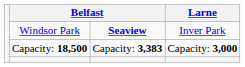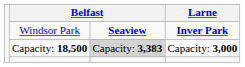 <table class="wikitable" style="margin:1em auto; text-align:center;">
 <tr>
 <td rowspan="4" text-align="center"></td>
 <th colspan=2><a href='#'>Belfast</a></th>
 <th><a href='#'>Larne</a></th>
 </tr>
 <tr>
 <td><a href='#'>Windsor Park</a></td>
 <td><strong><a href='#'>Seaview</a></strong></td>
-<td><a href='#'>Inver Park</a></td>
+<td><strong><a href='#'>Inver Park</a></strong></td>
 </tr>
 <tr>
 <td>Capacity: <strong>18,500</strong></td>
-<td>Capacity: <strong>3,383</strong></td>
+<td style="background: lightgrey;">Capacity: <strong>3,383</strong></td>
 <td>Capacity: <strong>3,000</strong></td>
 </tr>
 <tr>
 <td></td>
 <td></td>
 <td></td>
 </tr>
 </table>
